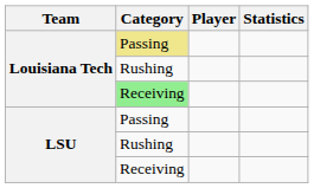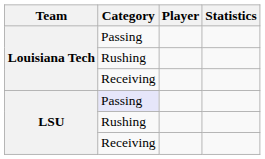 <table class="wikitable" style="float:right">
 <tr>
 <th>Team</th>
 <th>Category</th>
 <th>Player</th>
 <th>Statistics</th>
 </tr>
 <tr>
 <th rowspan=3>Louisiana Tech</th>
-<td style="background: khaki;">Passing</td>
-<td></td>
-<td></td>
-</tr>
-<tr>
-<td>Rushing</td>
-<td></td>
-<td></td>
-</tr>
-<tr>
-<td style="background: lightgreen;">Receiving</td>
-<td></td>
-<td></td>
-</tr>
-<tr>
-<th rowspan=3>LSU</th>
 <td>Passing</td>
 <td></td>
 <td></td>
 </tr>
 <tr>
 <td>Rushing</td>
 <td></td>
 <td></td>
 </tr>
 <tr>
 <td>Receiving</td>
 <td></td>
 <td></td>
 </tr>
+<tr>
+<th rowspan=3>LSU</th>
+<td style="background: lavender;">Passing</td>
+<td></td>
+<td></td>
+</tr>
+<tr>
+<td>Rushing</td>
+<td></td>
+<td></td>
+</tr>
+<tr>
+<td>Receiving</td>
+<td></td>
+<td></td>
+</tr>
 </table>
